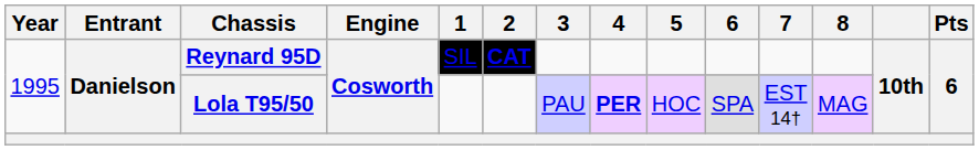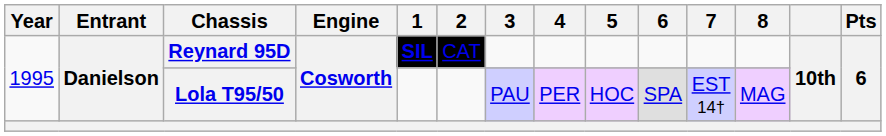 <table class="wikitable" style="text-align:center; font-size:85%">
 <tr>
 <th>Year</th>
 <th>Entrant</th>
 <th>Chassis</th>
 <th>Engine</th>
 <th>1</th>
 <th>2</th>
 <th>3</th>
 <th>4</th>
 <th>5</th>
 <th>6</th>
 <th>7</th>
 <th>8</th>
 <th></th>
 <th>Pts</th>
 </tr>
 <tr>
 <td rowspan=2><a href='#'>1995</a></td>
 <th rowspan=2>Danielson</th>
 <th nowrap><a href='#'>Reynard 95D</a></th>
 <th rowspan=2><a href='#'>Cosworth</a></th>
-<td style="background:#000000; color:white"><a href='#'><span>SIL</span></a><br></td>
-<td style="background:#000000; color:white"><strong><a href='#'><span>CAT</span></a><br></strong></td>
+<td style="background:#000000; color:white"><strong><a href='#'><span>SIL</span></a><br></strong></td>
+<td style="background:#000000; color:white"><a href='#'><span>CAT</span></a><br></td>
 <td></td>
 <td></td>
 <td></td>
 <td></td>
 <td></td>
 <td></td>
 <th rowspan=2>10th</th>
 <th rowspan=2>6</th>
 </tr>
 <tr>
 <th nowrap><a href='#'>Lola T95/50</a></th>
 <td></td>
 <td></td>
 <td style="background:#CFCFFF;"><a href='#'>PAU</a><br></td>
-<td style="background:#EFCFFF;"><strong><a href='#'>PER</a><br></strong></td>
+<td style="background:#EFCFFF;"><a href='#'>PER</a><br></td>
 <td style="background:#EFCFFF;"><a href='#'>HOC</a><br></td>
 <td style="background:#DFDFDF;"><a href='#'>SPA</a><br></td>
 <td style="background:#CFCFFF;"><a href='#'>EST</a><br><small>14†</small></td>
 <td style="background:#EFCFFF;"><a href='#'>MAG</a><br></td>
 </tr>
 <tr>
 <th colspan="14"></th>
 </tr>
 </table>
